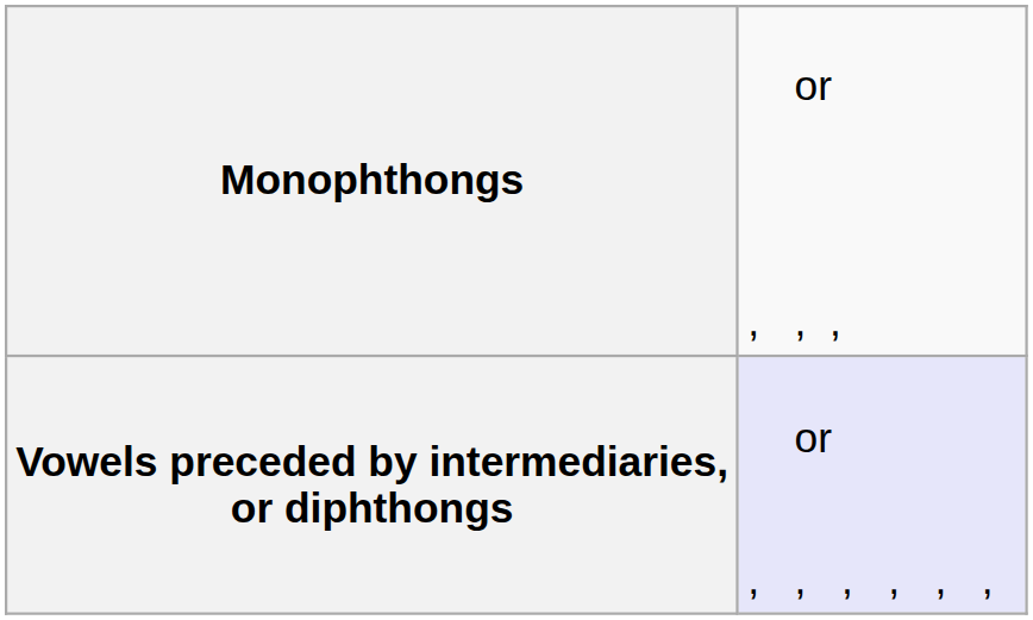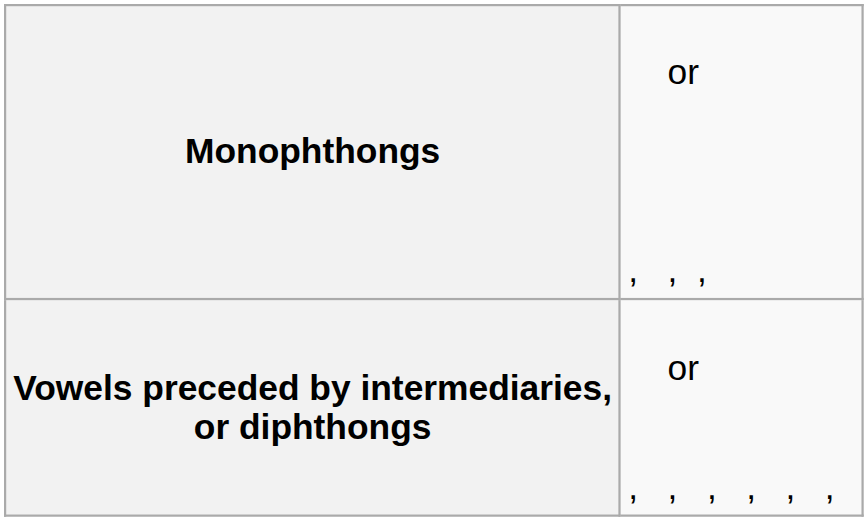 <table class="wikitable">
 <tr>
 <th>Monophthongs</th>
 <td>   <br>    or <br>   <br>   <br>   <br>   <br> ,   ,  ,   </td>
 </tr>
 <tr>
 <th>Vowels preceded by intermediaries,<br>or diphthongs</th>
-<td style="background: lavender;">   <br>    or <br>   <br>   <br> ,   ,   ,   ,   ,   ,   </td>
+<td>   <br>    or <br>   <br>   <br> ,   ,   ,   ,   ,   ,   </td>
 </tr>
 </table>
